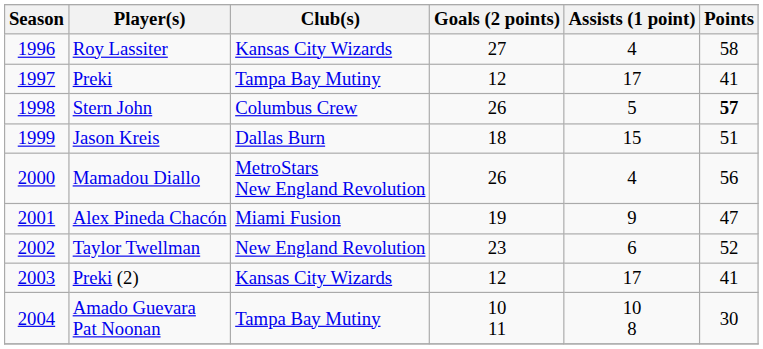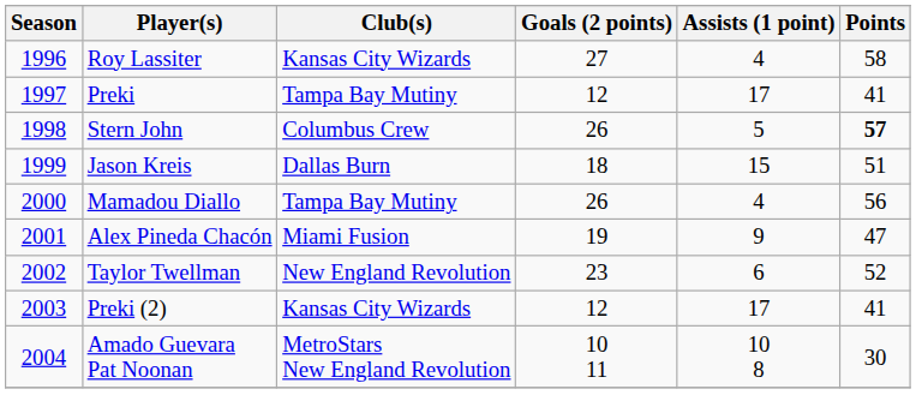 <table class='wikitable sortable'>
 <tr>
 </tr>
 <tr>
 <th>Season</th>
 <th>Player(s)</th>
 <th>Club(s)</th>
 <th>Goals (2 points)</th>
 <th>Assists (1 point)</th>
 <th>Points</th>
 </tr>
 <tr>
 <td align=center><a href='#'>1996</a></td>
 <td> <a href='#'>Roy Lassiter</a></td>
 <td><a href='#'>Kansas City Wizards</a></td>
 <td align=center>27</td>
 <td align=center>4</td>
 <td align=center>58</td>
 </tr>
 <tr>
 <td align=center><a href='#'>1997</a></td>
 <td> <a href='#'>Preki</a></td>
 <td><a href='#'>Tampa Bay Mutiny</a></td>
 <td align=center>12</td>
 <td align=center>17</td>
 <td align=center>41</td>
 </tr>
 <tr>
 <td align=center><a href='#'>1998</a></td>
 <td> <a href='#'>Stern John</a></td>
 <td><a href='#'>Columbus Crew</a></td>
 <td align=center>26</td>
 <td align=center>5</td>
 <td align=center><strong>57</strong></td>
 </tr>
 <tr>
 <td align=center><a href='#'>1999</a></td>
 <td> <a href='#'>Jason Kreis</a></td>
 <td><a href='#'>Dallas Burn</a></td>
 <td align=center>18</td>
 <td align=center>15</td>
 <td align=center>51</td>
 </tr>
 <tr>
 <td align=center><a href='#'>2000</a></td>
 <td> <a href='#'>Mamadou Diallo</a></td>
-<td><a href='#'>MetroStars</a><br><a href='#'>New England Revolution</a></td>
+<td><a href='#'>Tampa Bay Mutiny</a></td>
 <td align=center>26</td>
 <td align=center>4</td>
 <td align=center>56</td>
 </tr>
 <tr>
 <td align=center><a href='#'>2001</a></td>
 <td> <a href='#'>Alex Pineda Chacón</a></td>
 <td><a href='#'>Miami Fusion</a></td>
 <td align=center>19</td>
 <td align=center>9</td>
 <td align=center>47</td>
 </tr>
 <tr>
 <td align=center><a href='#'>2002</a></td>
 <td> <a href='#'>Taylor Twellman</a></td>
 <td><a href='#'>New England Revolution</a></td>
 <td align=center>23</td>
 <td align=center>6</td>
 <td align=center>52</td>
 </tr>
 <tr>
 <td align=center><a href='#'>2003</a></td>
 <td> <a href='#'>Preki</a> (2)</td>
 <td><a href='#'>Kansas City Wizards</a></td>
 <td align=center>12</td>
 <td align=center>17</td>
 <td align=center>41</td>
 </tr>
 <tr>
 <td align=center><a href='#'>2004</a></td>
 <td> <a href='#'>Amado Guevara</a><br> <a href='#'>Pat Noonan</a></td>
-<td><a href='#'>Tampa Bay Mutiny</a></td>
+<td><a href='#'>MetroStars</a><br><a href='#'>New England Revolution</a></td>
 <td align=center>10<br>11</td>
 <td align=center>10<br>8</td>
 <td align=center>30</td>
 </tr>
 <tr>
 </tr>
 </table>
